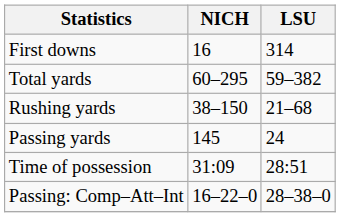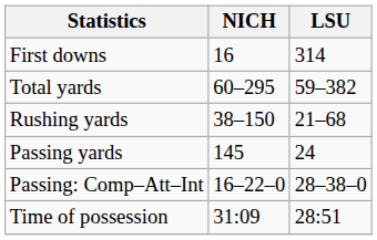 <table class="wikitable" style="float: left;">
 <tr>
 <th>Statistics</th>
 <th>NICH</th>
 <th>LSU</th>
 </tr>
 <tr>
 <td>First downs</td>
 <td>16</td>
 <td>314</td>
 </tr>
 <tr>
 <td>Total yards</td>
 <td>60–295</td>
 <td>59–382</td>
 </tr>
 <tr>
 <td>Rushing yards</td>
 <td>38–150</td>
 <td>21–68</td>
 </tr>
 <tr>
 <td>Passing yards</td>
 <td>145</td>
 <td>24</td>
 </tr>
 <tr>
+<td>Passing: Comp–Att–Int</td>
+<td>16–22–0</td>
+<td>28–38–0</td>
+</tr>
+<tr>
 <td>Time of possession</td>
 <td>31:09</td>
 <td>28:51</td>
 </tr>
 <tr>
-<td>Passing: Comp–Att–Int</td>
-<td>16–22–0</td>
-<td>28–38–0</td>
-</tr>
-<tr>
 </tr>
 </table>
